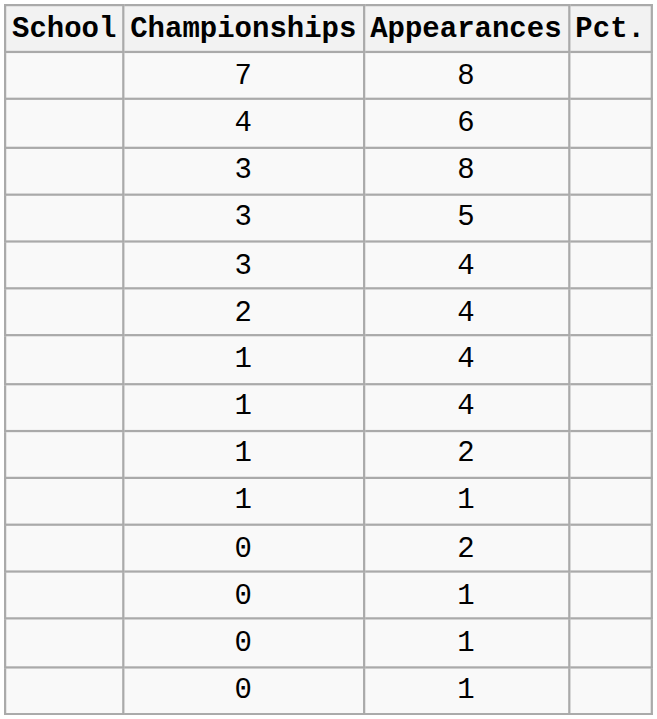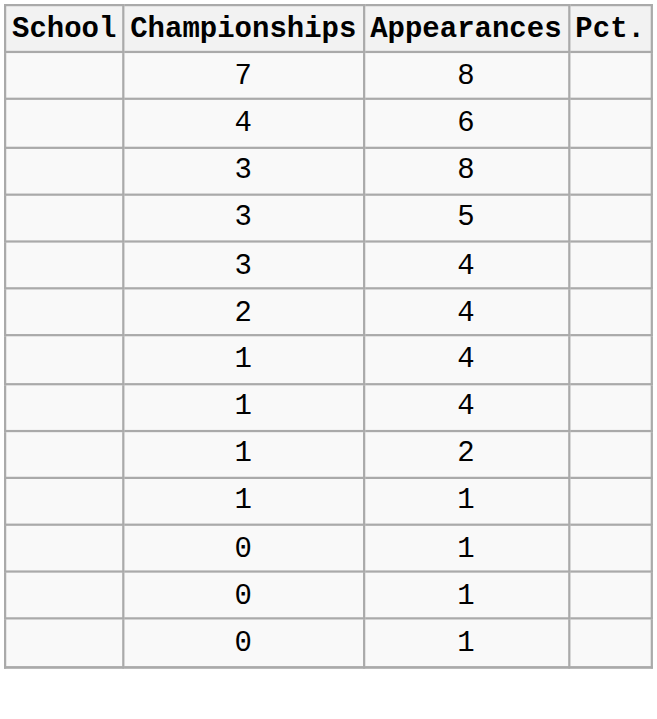 <table class="wikitable sortable">
 <tr>
 <th>School</th>
 <th>Championships</th>
 <th>Appearances</th>
 <th>Pct.</th>
 </tr>
 <tr align=center>
 <td><strong></strong></td>
 <td>7</td>
 <td>8</td>
 <td></td>
 </tr>
 <tr align=center>
 <td><strong></strong></td>
 <td>4</td>
 <td>6</td>
 <td></td>
 </tr>
 <tr align=center>
 <td><strong></strong></td>
 <td>3</td>
 <td>8</td>
 <td></td>
 </tr>
 <tr align=center>
 <td><strong></strong></td>
 <td>3</td>
 <td>5</td>
 <td></td>
 </tr>
 <tr align=center>
 <td><strong></strong></td>
 <td>3</td>
 <td>4</td>
 <td></td>
 </tr>
 <tr align=center>
 <td><strong></strong></td>
 <td>2</td>
 <td>4</td>
 <td></td>
 </tr>
 <tr align=center>
 <td><strong></strong></td>
 <td>1</td>
 <td>4</td>
 <td></td>
 </tr>
 <tr align=center>
 <td><strong></strong></td>
 <td>1</td>
 <td>4</td>
 <td></td>
 </tr>
 <tr align=center>
 <td><strong></strong></td>
 <td>1</td>
 <td>2</td>
 <td></td>
 </tr>
 <tr align=center>
 <td><strong></strong></td>
 <td>1</td>
 <td>1</td>
 <td></td>
 </tr>
 <tr align=center>
 <td><strong></strong></td>
 <td>0</td>
-<td>2</td>
-<td></td>
-</tr>
-<tr align=center>
-<td><strong></strong></td>
-<td>0</td>
 <td>1</td>
 <td></td>
 </tr>
 <tr align=center>
 <td><strong></strong></td>
 <td>0</td>
 <td>1</td>
 <td></td>
 </tr>
 <tr align=center>
 <td><strong></strong></td>
 <td>0</td>
 <td>1</td>
 <td></td>
 </tr>
 <tr>
 </tr>
 </table>
